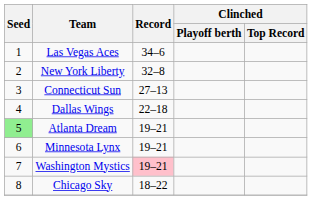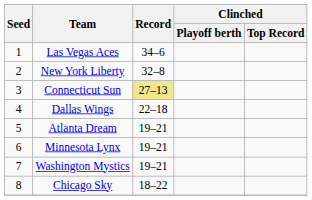 <table class="wikitable"  style="font-size:95%; text-align:center;">
 <tr>
 <th rowspan=2>Seed</th>
 <th rowspan=2>Team</th>
 <th rowspan=2>Record</th>
 <th colspan=2>Clinched</th>
 </tr>
 <tr>
 <th>Playoff berth</th>
 <th>Top Record</th>
 </tr>
 <tr>
 <td>1</td>
 <td><a href='#'>Las Vegas Aces</a></td>
 <td>34–6</td>
 <td></td>
 <td></td>
 </tr>
 <tr>
 <td>2</td>
 <td><a href='#'>New York Liberty</a></td>
 <td>32–8</td>
 <td></td>
 <td></td>
 </tr>
 <tr>
 <td>3</td>
 <td><a href='#'>Connecticut Sun</a></td>
-<td>27–13</td>
+<td style="background: khaki;">27–13</td>
 <td></td>
 <td></td>
 </tr>
 <tr>
 <td>4</td>
 <td><a href='#'>Dallas Wings</a></td>
 <td>22–18</td>
 <td></td>
 <td></td>
 </tr>
 <tr>
-<td style="background: lightgreen;">5</td>
+<td>5</td>
 <td><a href='#'>Atlanta Dream</a> </td>
 <td>19–21</td>
 <td></td>
 <td></td>
 </tr>
 <tr>
 <td>6</td>
 <td><a href='#'>Minnesota Lynx</a> </td>
 <td>19–21</td>
 <td></td>
 <td></td>
 </tr>
 <tr>
 <td>7</td>
 <td><a href='#'>Washington Mystics</a> </td>
-<td style="background: pink;">19–21</td>
+<td>19–21</td>
 <td></td>
 <td></td>
 </tr>
 <tr>
 <td>8</td>
 <td><a href='#'>Chicago Sky</a></td>
 <td>18–22</td>
 <td></td>
 <td></td>
 </tr>
 <tr>
 </tr>
 </table>
